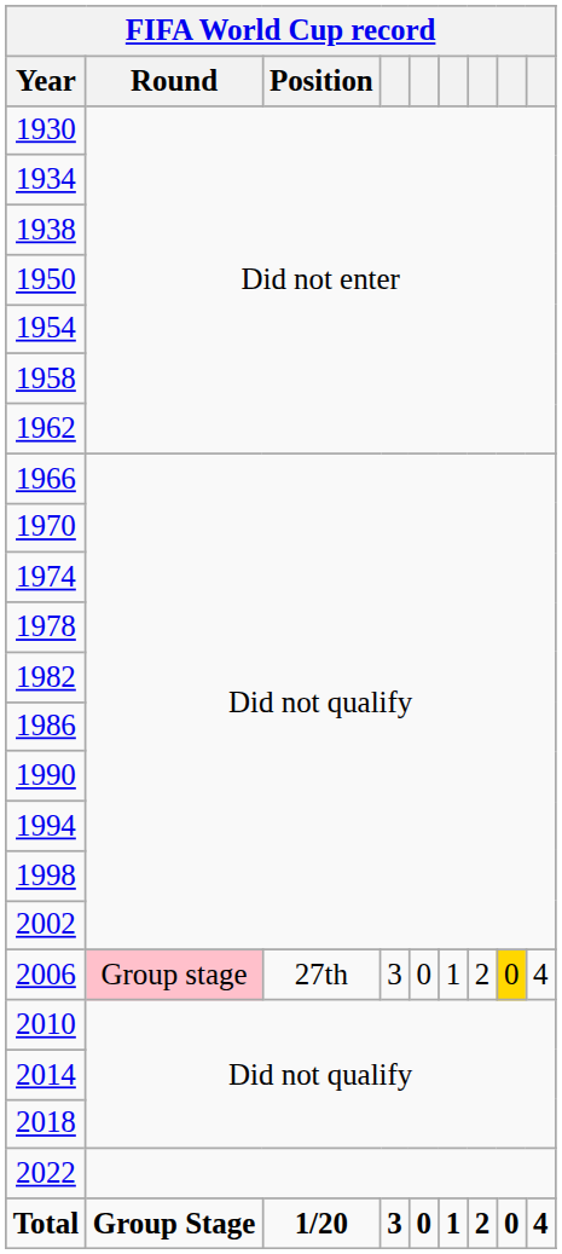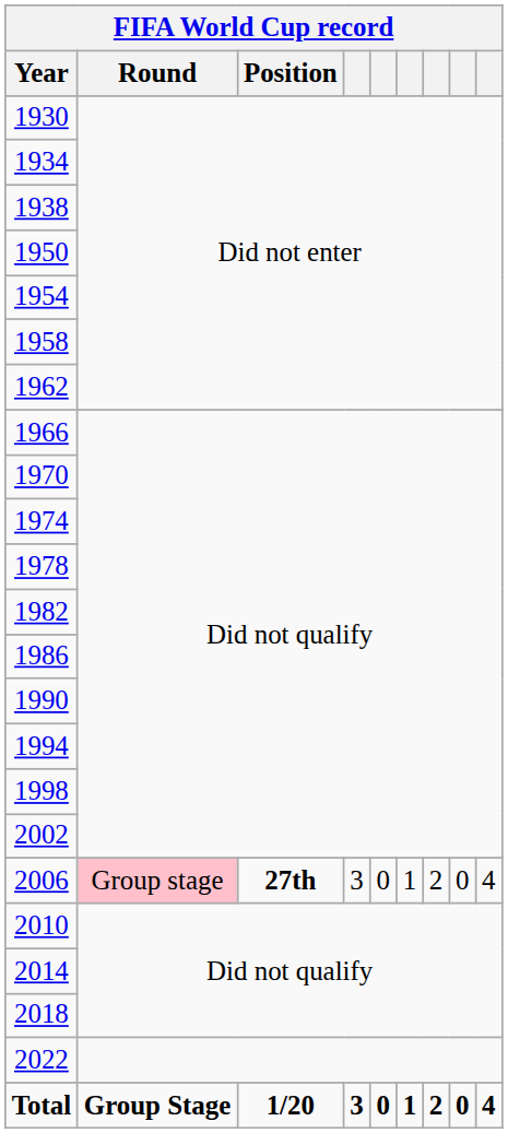 <table class="wikitable" style="text-align: center; font-size:90%;">
 <tr>
 <th colspan=9><a href='#'>FIFA World Cup record</a></th>
 </tr>
 <tr>
 <th>Year</th>
 <th>Round</th>
 <th>Position</th>
 <th></th>
 <th></th>
 <th></th>
 <th></th>
 <th></th>
 <th></th>
 </tr>
 <tr>
 <td> <a href='#'>1930</a></td>
 <td rowspan=7 colspan=8>Did not enter</td>
 </tr>
 <tr>
 <td> <a href='#'>1934</a></td>
 </tr>
 <tr>
 <td> <a href='#'>1938</a></td>
 </tr>
 <tr>
 <td> <a href='#'>1950</a></td>
 </tr>
 <tr>
 <td> <a href='#'>1954</a></td>
 </tr>
 <tr>
 <td> <a href='#'>1958</a></td>
 </tr>
 <tr>
 <td> <a href='#'>1962</a></td>
 </tr>
 <tr>
 <td> <a href='#'>1966</a></td>
 <td rowspan=10 colspan=8>Did not qualify</td>
 </tr>
 <tr>
 <td> <a href='#'>1970</a></td>
 </tr>
 <tr>
 <td> <a href='#'>1974</a></td>
 </tr>
 <tr>
 <td> <a href='#'>1978</a></td>
 </tr>
 <tr>
 <td> <a href='#'>1982</a></td>
 </tr>
 <tr>
 <td> <a href='#'>1986</a></td>
 </tr>
 <tr>
 <td> <a href='#'>1990</a></td>
 </tr>
 <tr>
 <td> <a href='#'>1994</a></td>
 </tr>
 <tr>
 <td> <a href='#'>1998</a></td>
 </tr>
 <tr>
 <td>  <a href='#'>2002</a></td>
 </tr>
 <tr>
 <td> <a href='#'>2006</a></td>
 <td style="background: pink;">Group stage</td>
-<td>27th</td>
+<td><strong>27th</strong></td>
 <td>3</td>
 <td>0</td>
 <td>1</td>
 <td>2</td>
-<td style="background: gold;">0</td>
+<td>0</td>
 <td>4</td>
 </tr>
 <tr>
 <td> <a href='#'>2010</a></td>
 <td rowspan=3 colspan=8>Did not qualify</td>
 </tr>
 <tr>
 <td> <a href='#'>2014</a></td>
 </tr>
 <tr>
 <td> <a href='#'>2018</a></td>
 </tr>
 <tr>
 <td> <a href='#'>2022</a></td>
 </tr>
 <tr rowspan=2 colspan=8|To Be Determined>
 <td><strong>Total</strong></td>
 <td><strong>Group Stage</strong></td>
 <td><strong>1/20</strong></td>
 <td><strong>3</strong></td>
 <td><strong>0</strong></td>
 <td><strong>1</strong></td>
 <td><strong>2</strong></td>
 <td><strong>0</strong></td>
 <td><strong>4</strong></td>
 </tr>
 <tr>
 </tr>
 </table>
